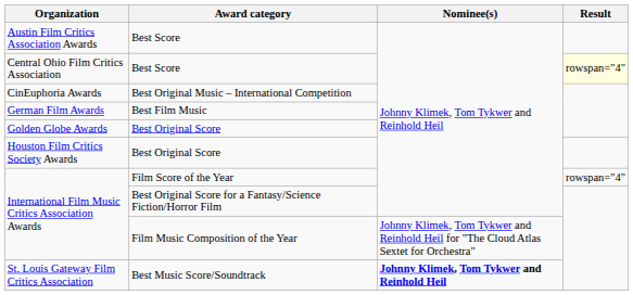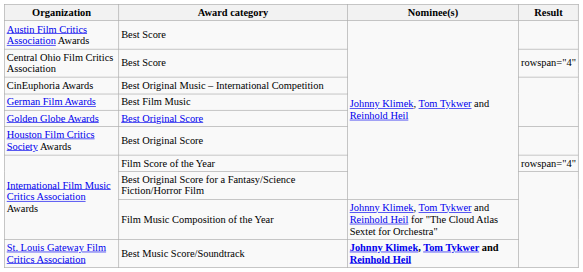 <table class="wikitable" style="width:100%; border-spacing: 5px;">
 <tr>
 <th style="width:20%;">Organization</th>
 <th style="width:40%;">Award category</th>
 <th style="width:30%;">Nominee(s)</th>
 <th>Result</th>
 </tr>
 <tr>
 <td><a href='#'>Austin Film Critics Association</a> Awards</td>
 <td>Best Score</td>
 <td rowspan="8"><a href='#'>Johnny Klimek</a>, <a href='#'>Tom Tykwer</a> and <a href='#'>Reinhold Heil</a></td>
 <td></td>
 </tr>
 <tr>
 <td>Central Ohio Film Critics Association</td>
 <td>Best Score</td>
-<td style="background: lightyellow;">rowspan="4" </td>
+<td>rowspan="4" </td>
 </tr>
 <tr>
 <td>CinEuphoria Awards</td>
 <td>Best Original Music – International Competition</td>
 </tr>
 <tr>
 <td><a href='#'>German Film Awards</a></td>
 <td>Best Film Music</td>
 </tr>
 <tr>
 <td><a href='#'>Golden Globe Awards</a></td>
 <td><a href='#'>Best Original Score</a></td>
 </tr>
 <tr>
 <td><a href='#'>Houston Film Critics Society</a> Awards</td>
 <td>Best Original Score</td>
 <td></td>
 </tr>
 <tr>
 <td rowspan="3"><a href='#'>International Film Music Critics Association</a> Awards</td>
 <td>Film Score of the Year</td>
 <td>rowspan="4" </td>
 </tr>
 <tr>
 <td>Best Original Score for a Fantasy/Science Fiction/Horror Film</td>
 </tr>
 <tr>
 <td>Film Music Composition of the Year</td>
 <td><a href='#'>Johnny Klimek</a>, <a href='#'>Tom Tykwer</a> and <a href='#'>Reinhold Heil</a> for "The Cloud Atlas Sextet for Orchestra"</td>
 </tr>
 <tr>
 <td><a href='#'>St. Louis Gateway Film Critics Association</a></td>
 <td>Best Music Score/Soundtrack</td>
 <td><strong><a href='#'>Johnny Klimek</a>, <a href='#'>Tom Tykwer</a> and <a href='#'>Reinhold Heil</a></strong></td>
 </tr>
 </table>
